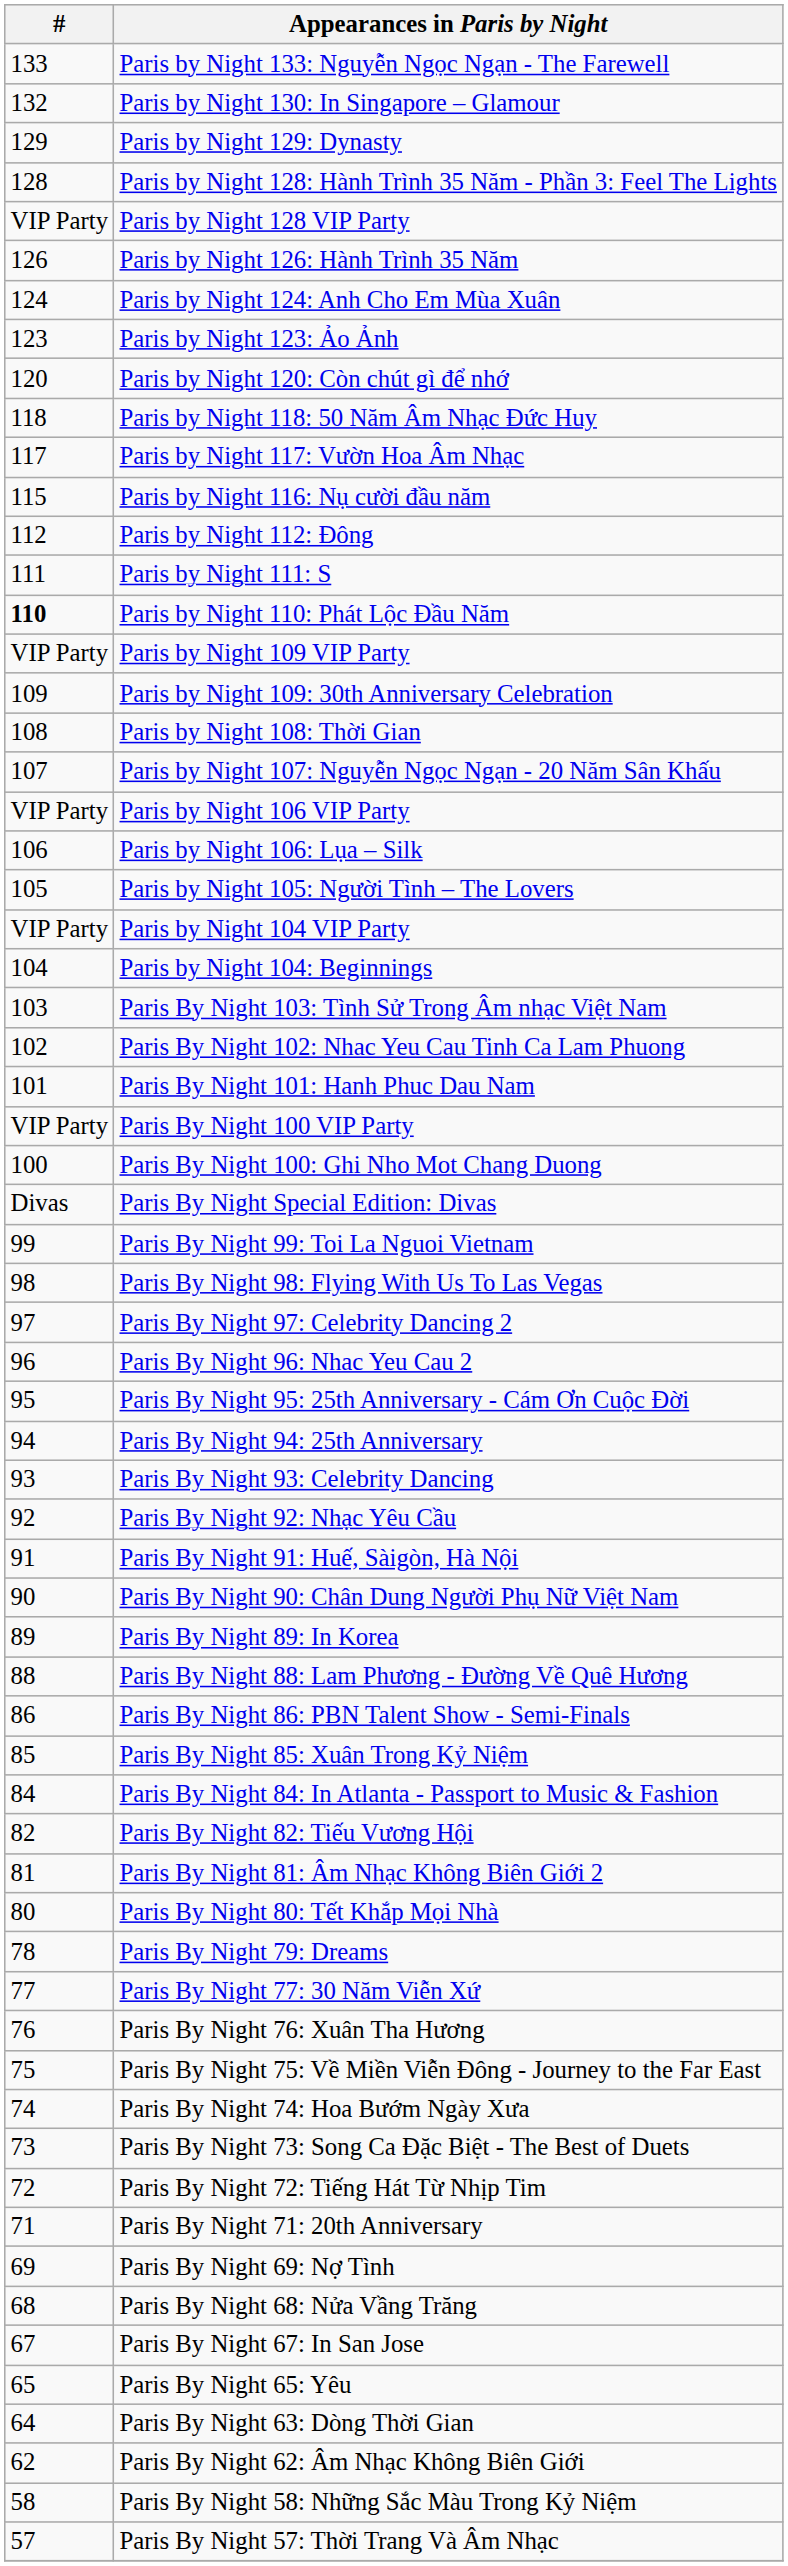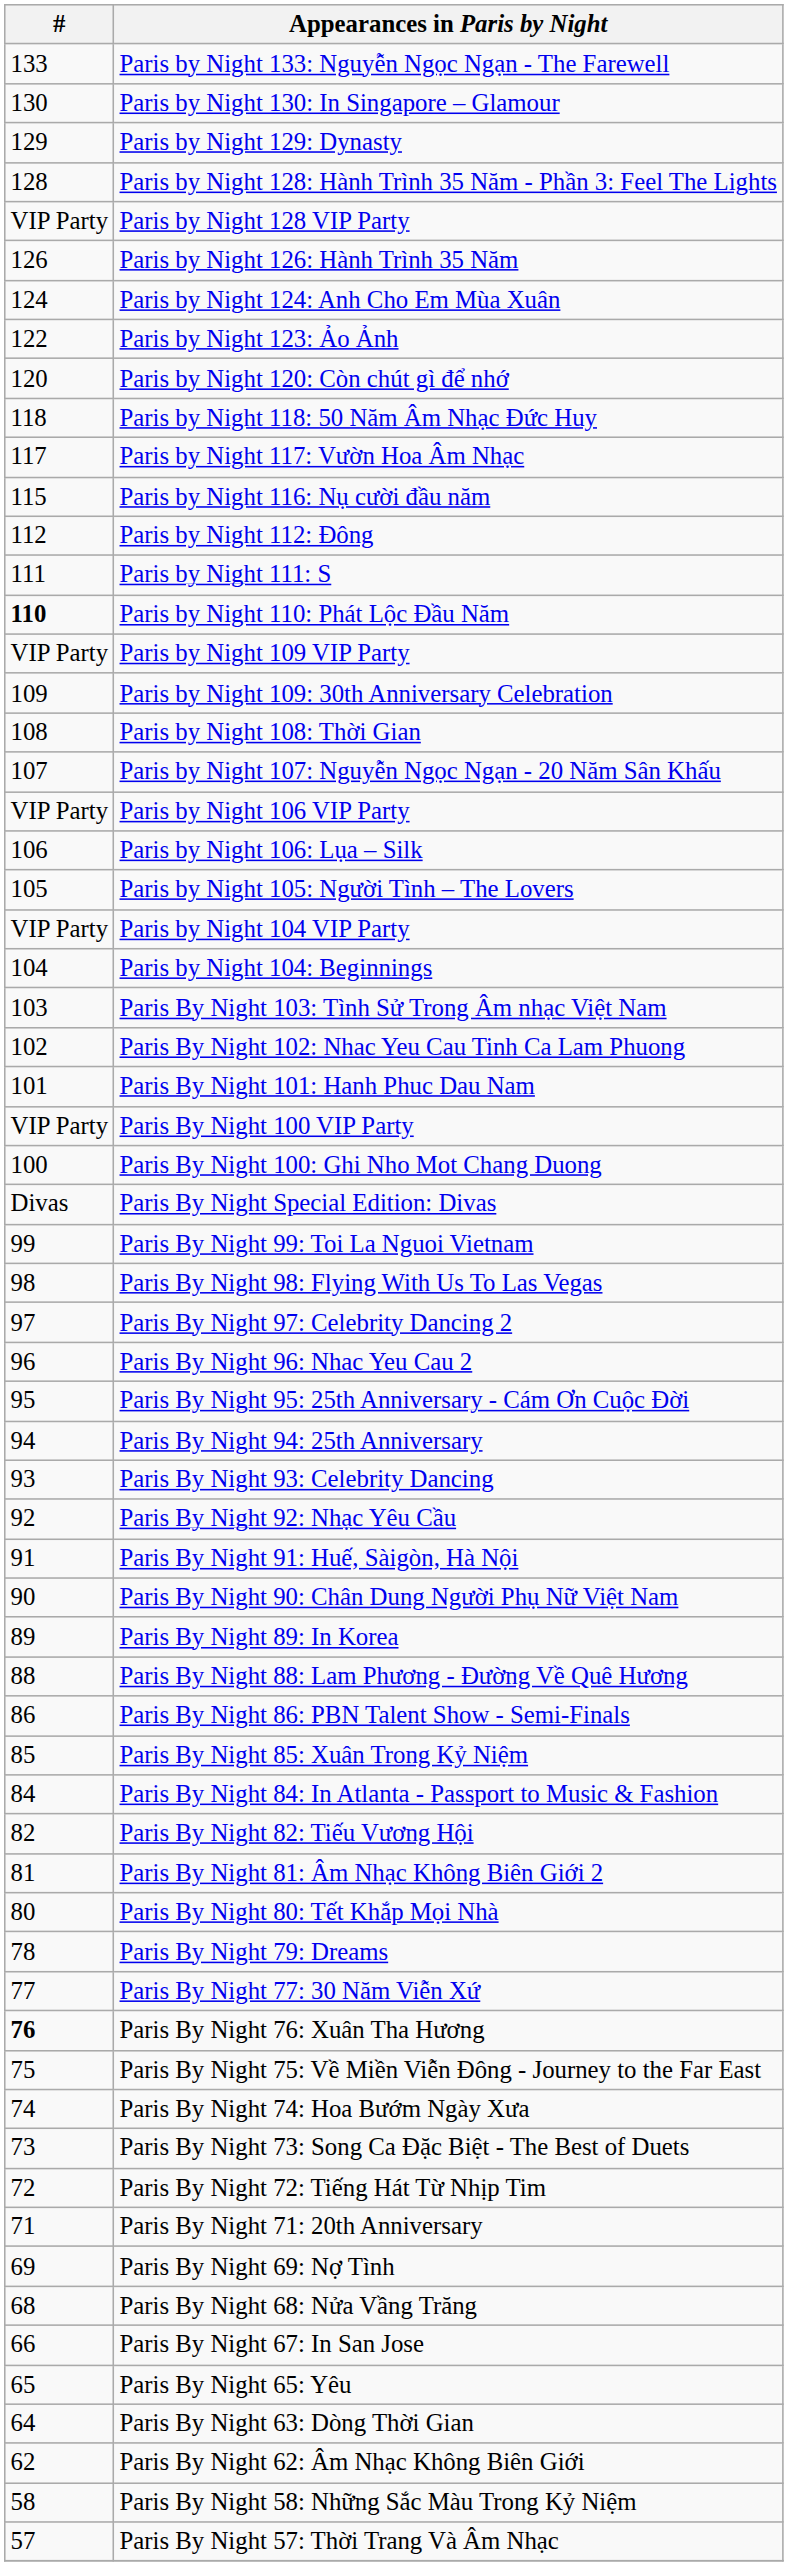 <table class="wikitable">
 <tr style="background:#EFEFEF">
 <th>#</th>
 <th><strong>Appearances in <em>Paris by Night<strong><em></th>
 </tr>
 <tr>
 <td>133</td>
 <td><a href='#'>Paris by Night 133: Nguyễn Ngọc Ngạn - The Farewell</a></td>
 </tr>
 <tr>
-<td>132</td>
+<td>130</td>
 <td><a href='#'>Paris by Night 130: In Singapore – Glamour</a></td>
 </tr>
 <tr>
 <td>129</td>
 <td><a href='#'>Paris by Night 129: Dynasty</a></td>
 </tr>
 <tr>
 <td>128</td>
 <td><a href='#'>Paris by Night 128: Hành Trình 35 Năm - Phần 3: Feel The Lights</a></td>
 </tr>
 <tr>
 <td>VIP Party</td>
 <td><a href='#'>Paris by Night 128 VIP Party</a></td>
 </tr>
 <tr>
 <td>126</td>
 <td><a href='#'>Paris by Night 126: Hành Trình 35 Năm</a></td>
 </tr>
 <tr>
 <td>124</td>
 <td><a href='#'>Paris by Night 124: Anh Cho Em Mùa Xuân</a></td>
 </tr>
 <tr>
-<td>123</td>
+<td>122</td>
 <td><a href='#'>Paris by Night 123: Ảo Ảnh</a></td>
 </tr>
 <tr>
 <td>120</td>
 <td><a href='#'>Paris by Night 120: Còn chút gì để nhớ</a></td>
 </tr>
 <tr>
 <td>118</td>
 <td><a href='#'>Paris by Night 118: 50 Năm Âm Nhạc Đức Huy</a></td>
 </tr>
 <tr>
 <td>117</td>
 <td><a href='#'>Paris by Night 117: Vườn Hoa Âm Nhạc</a></td>
 </tr>
 <tr>
 <td>115</td>
 <td><a href='#'>Paris by Night 116: Nụ cười đầu năm</a></td>
 </tr>
 <tr>
 <td>112</td>
 <td><a href='#'>Paris by Night 112: Đông</a></td>
 </tr>
 <tr>
 <td>111</td>
 <td><a href='#'>Paris by Night 111: S</a></td>
 </tr>
 <tr>
 <td><strong>110</strong></td>
 <td><a href='#'>Paris by Night 110: Phát Lộc Đầu Năm</a></td>
 </tr>
 <tr>
 <td>VIP Party</td>
 <td><a href='#'>Paris by Night 109 VIP Party</a></td>
 </tr>
 <tr>
 <td>109</td>
 <td><a href='#'>Paris by Night 109: 30th Anniversary Celebration</a></td>
 </tr>
 <tr>
 <td>108</td>
 <td><a href='#'>Paris by Night 108: Thời Gian</a></td>
 </tr>
 <tr>
 <td>107</td>
 <td><a href='#'>Paris by Night 107: Nguyễn Ngọc Ngạn - 20 Năm Sân Khấu</a></td>
 </tr>
 <tr>
 <td>VIP Party</td>
 <td><a href='#'>Paris by Night 106 VIP Party</a></td>
 </tr>
 <tr>
 <td>106</td>
 <td><a href='#'>Paris by Night 106: Lụa – Silk</a></td>
 </tr>
 <tr>
 <td>105</td>
 <td><a href='#'>Paris by Night 105: Người Tình – The Lovers</a></td>
 </tr>
 <tr>
 <td>VIP Party</td>
 <td><a href='#'>Paris by Night 104 VIP Party</a></td>
 </tr>
 <tr>
 <td>104</td>
 <td><a href='#'>Paris by Night 104: Beginnings</a></td>
 </tr>
 <tr>
 <td>103</td>
 <td><a href='#'>Paris By Night 103: Tình Sử Trong Âm nhạc Việt Nam</a></td>
 </tr>
 <tr>
 <td>102</td>
 <td><a href='#'>Paris By Night 102: Nhac Yeu Cau Tinh Ca Lam Phuong</a></td>
 </tr>
 <tr>
 <td>101</td>
 <td><a href='#'>Paris By Night 101: Hanh Phuc Dau Nam</a></td>
 </tr>
 <tr>
 <td>VIP Party</td>
 <td><a href='#'>Paris By Night 100 VIP Party</a></td>
 </tr>
 <tr>
 <td>100</td>
 <td><a href='#'>Paris By Night 100: Ghi Nho Mot Chang Duong</a></td>
 </tr>
 <tr>
 <td>Divas</td>
 <td><a href='#'>Paris By Night Special Edition: Divas</a></td>
 </tr>
 <tr>
 <td>99</td>
 <td><a href='#'>Paris By Night 99: Toi La Nguoi Vietnam</a></td>
 </tr>
 <tr>
 <td>98</td>
 <td><a href='#'>Paris By Night 98: Flying With Us To Las Vegas</a></td>
 </tr>
 <tr>
 <td>97</td>
 <td><a href='#'>Paris By Night 97: Celebrity Dancing 2</a></td>
 </tr>
 <tr>
 <td>96</td>
 <td><a href='#'>Paris By Night 96: Nhac Yeu Cau 2</a></td>
 </tr>
 <tr>
 <td>95</td>
 <td><a href='#'>Paris By Night 95: 25th Anniversary - Cám Ơn Cuộc Ðời</a></td>
 </tr>
 <tr>
 <td>94</td>
 <td><a href='#'>Paris By Night 94: 25th Anniversary</a></td>
 </tr>
 <tr>
 <td>93</td>
 <td><a href='#'>Paris By Night 93: Celebrity Dancing</a></td>
 </tr>
 <tr>
 <td>92</td>
 <td><a href='#'>Paris By Night 92: Nhạc Yêu Cầu</a></td>
 </tr>
 <tr>
 <td>91</td>
 <td><a href='#'>Paris By Night 91: Huế, Sàigòn, Hà Nội</a></td>
 </tr>
 <tr>
 <td>90</td>
 <td><a href='#'>Paris By Night 90: Chân Dung Người Phụ Nữ Việt Nam</a></td>
 </tr>
 <tr>
 <td>89</td>
 <td><a href='#'>Paris By Night 89: In Korea</a></td>
 </tr>
 <tr>
 <td>88</td>
 <td><a href='#'>Paris By Night 88: Lam Phương - Đường Về Quê Hương</a></td>
 </tr>
 <tr>
 <td>86</td>
 <td><a href='#'>Paris By Night 86: PBN Talent Show - Semi-Finals</a></td>
 </tr>
 <tr>
 <td>85</td>
 <td><a href='#'>Paris By Night 85: Xuân Trong Kỷ Niệm</a></td>
 </tr>
 <tr>
 <td>84</td>
 <td><a href='#'>Paris By Night 84: In Atlanta - Passport to Music & Fashion</a></td>
 </tr>
 <tr>
 <td>82</td>
 <td><a href='#'>Paris By Night 82: Tiếu Vương Hội</a></td>
 </tr>
 <tr>
 <td>81</td>
 <td><a href='#'>Paris By Night 81: Âm Nhạc Không Biên Giới 2</a></td>
 </tr>
 <tr>
 <td>80</td>
 <td><a href='#'>Paris By Night 80: Tết Khắp Mọi Nhà</a></td>
 </tr>
 <tr>
 <td>78</td>
 <td><a href='#'>Paris By Night 79: Dreams</a></td>
 </tr>
 <tr>
 <td>77</td>
 <td><a href='#'>Paris By Night 77: 30 Năm Viễn Xứ</a></td>
 </tr>
 <tr>
-<td>76</td>
+<td><strong>76</strong></td>
 <td Paris By Night 76>Paris By Night 76: Xuân Tha Hương</td>
 </tr>
 <tr>
 <td>75</td>
 <td Paris By Night 75>Paris By Night 75: Về Miền Viễn Đông - Journey to the Far East</td>
 </tr>
 <tr>
 <td>74</td>
 <td Paris By Night 74>Paris By Night 74: Hoa Bướm Ngày Xưa</td>
 </tr>
 <tr>
 <td>73</td>
 <td Paris By Night 73>Paris By Night 73: Song Ca Đặc Biệt - The Best of Duets</td>
 </tr>
 <tr>
 <td>72</td>
 <td Paris By Night 72>Paris By Night 72: Tiếng Hát Từ Nhịp Tim</td>
 </tr>
 <tr>
 <td>71</td>
 <td Paris By Night 71>Paris By Night 71: 20th Anniversary</td>
 </tr>
 <tr>
 <td>69</td>
 <td Paris By Night 69>Paris By Night 69: Nợ Tình</td>
 </tr>
 <tr>
 <td>68</td>
 <td Paris By Night 68>Paris By Night 68: Nửa Vầng Trăng</td>
 </tr>
 <tr>
-<td>67</td>
+<td>66</td>
 <td Paris By Night 67>Paris By Night 67: In San Jose</td>
 </tr>
 <tr>
 <td>65</td>
 <td Paris By Night 65>Paris By Night 65: Yêu</td>
 </tr>
 <tr>
 <td>64</td>
 <td Paris By Night 63>Paris By Night 63: Dòng Thời Gian</td>
 </tr>
 <tr>
 <td>62</td>
 <td Paris By Night 62>Paris By Night 62: Âm Nhạc Không Biên Giới</td>
 </tr>
 <tr>
 <td>58</td>
 <td Paris By Night 58>Paris By Night 58: Những Sắc Màu Trong Kỷ Niệm</td>
 </tr>
 <tr>
 <td>57</td>
 <td Paris By Night 57>Paris By Night 57: Thời Trang Và Âm Nhạc</td>
 </tr>
 <tr>
 </tr>
 </table>
